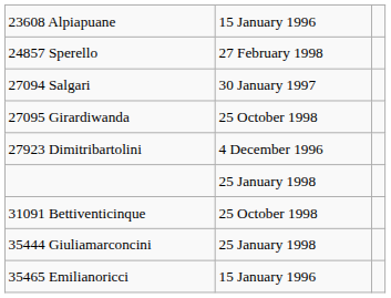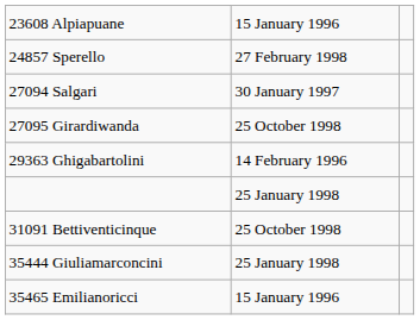 <table class="wikitable" style="font-size: 89%; float: left; width: 26em; margin-right: 1em; height: 280px;">
 <tr>
 <td>23608 Alpiapuane</td>
 <td>15 January 1996</td>
 <td> </td>
 </tr>
 <tr>
 <td>24857 Sperello</td>
 <td>27 February 1998</td>
 <td> </td>
 </tr>
 <tr>
 <td>27094 Salgari</td>
 <td>30 January 1997</td>
 <td> </td>
 </tr>
 <tr>
 <td>27095 Girardiwanda</td>
 <td>25 October 1998</td>
 <td> </td>
 </tr>
 <tr>
-<td>27923 Dimitribartolini</td>
-<td>4 December 1996</td>
+<td>29363 Ghigabartolini</td>
+<td>14 February 1996</td>
 <td> </td>
 </tr>
 <tr>
 <td></td>
 <td>25 January 1998</td>
 <td> </td>
 </tr>
 <tr>
 <td>31091 Bettiventicinque</td>
 <td>25 October 1998</td>
 <td> </td>
 </tr>
 <tr>
 <td>35444 Giuliamarconcini</td>
 <td>25 January 1998</td>
 <td> </td>
 </tr>
 <tr>
 <td>35465 Emilianoricci</td>
 <td>15 January 1996</td>
 <td> </td>
 </tr>
 </table>
